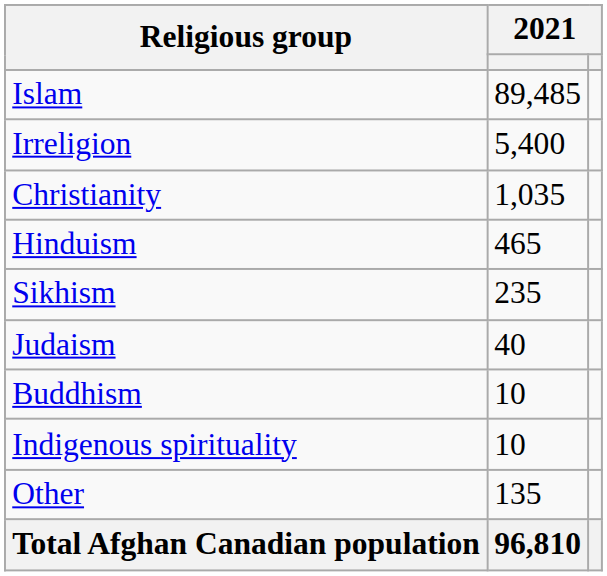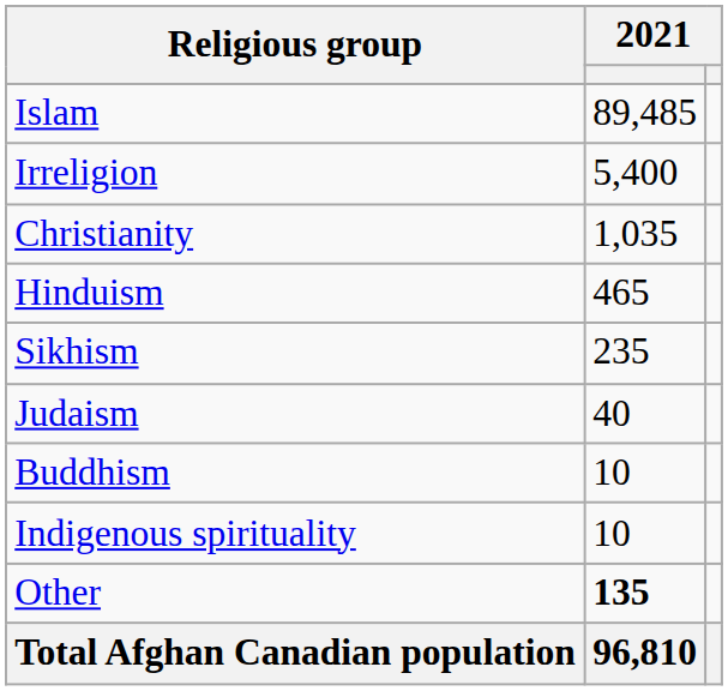 <table class="wikitable sortable">
 <tr>
 <th rowspan="2">Religious group</th>
 <th colspan="2">2021</th>
 </tr>
 <tr>
 <th><a href='#'></a></th>
 <th></th>
 </tr>
 <tr>
 <td><a href='#'>Islam</a></td>
 <td>89,485</td>
 <td></td>
 </tr>
 <tr>
 <td><a href='#'>Irreligion</a></td>
 <td>5,400</td>
 <td></td>
 </tr>
 <tr>
 <td><a href='#'>Christianity</a></td>
 <td>1,035</td>
 <td></td>
 </tr>
 <tr>
 <td><a href='#'>Hinduism</a></td>
 <td>465</td>
 <td></td>
 </tr>
 <tr>
 <td><a href='#'>Sikhism</a></td>
 <td>235</td>
 <td></td>
 </tr>
 <tr>
 <td><a href='#'>Judaism</a></td>
 <td>40</td>
 <td></td>
 </tr>
 <tr>
 <td><a href='#'>Buddhism</a></td>
 <td>10</td>
 <td></td>
 </tr>
 <tr>
 <td><a href='#'>Indigenous spirituality</a></td>
 <td>10</td>
 <td></td>
 </tr>
 <tr>
 <td><a href='#'>Other</a></td>
-<td>135</td>
+<td><strong>135</strong></td>
 <td></td>
 </tr>
 <tr>
 <th>Total Afghan Canadian population</th>
 <th>96,810</th>
 <th></th>
 </tr>
 </table>
